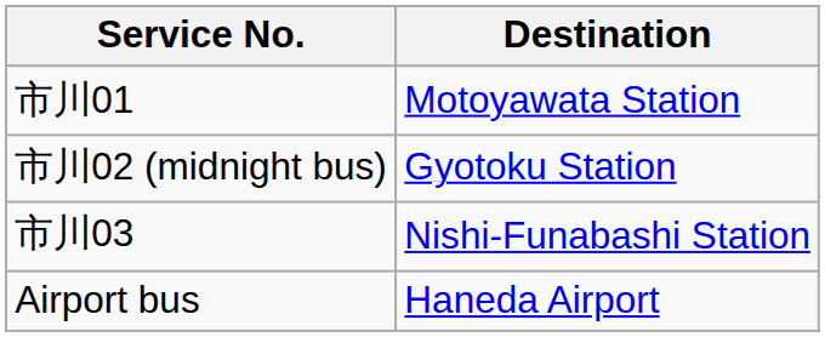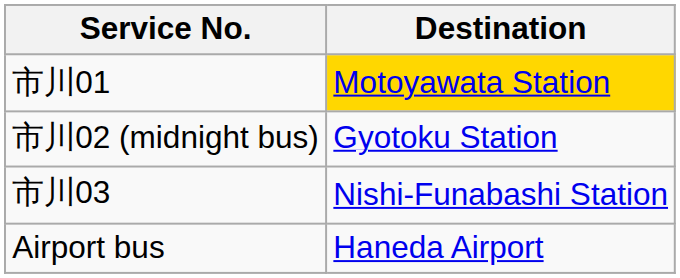 <table class="wikitable">
 <tr>
 <th>Service No.</th>
 <th>Destination</th>
 </tr>
 <tr>
 <td>市川01</td>
-<td><a href='#'>Motoyawata Station</a></td>
+<td style="background: gold;"><a href='#'>Motoyawata Station</a></td>
 </tr>
 <tr>
 <td>市川02 (midnight bus)</td>
 <td><a href='#'>Gyotoku Station</a></td>
 </tr>
 <tr>
 <td>市川03</td>
 <td><a href='#'>Nishi-Funabashi Station</a></td>
 </tr>
 <tr>
 <td>Airport bus</td>
 <td><a href='#'>Haneda Airport</a></td>
 </tr>
 </table>
